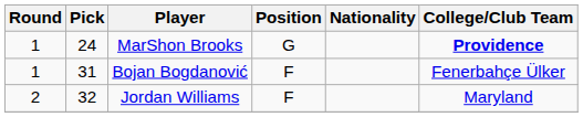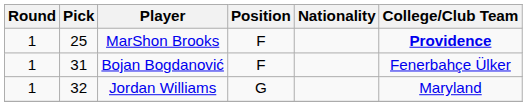 <table class="wikitable sortable sortable">
 <tr>
 <th>Round</th>
 <th>Pick</th>
 <th>Player</th>
 <th>Position</th>
 <th>Nationality</th>
 <th>College/Club Team</th>
 </tr>
 <tr style="text-align: center">
 <td>1</td>
-<td>24</td>
+<td>25</td>
 <td><a href='#'>MarShon Brooks</a></td>
-<td>G</td>
+<td>F</td>
 <td></td>
 <td><strong><a href='#'>Providence</a></strong></td>
 </tr>
 <tr style="text-align: center">
 <td>1</td>
 <td>31</td>
 <td><a href='#'>Bojan Bogdanović</a></td>
 <td>F</td>
 <td></td>
 <td><a href='#'>Fenerbahçe Ülker</a></td>
 </tr>
 <tr style="text-align: center">
-<td>2</td>
+<td>1</td>
 <td>32</td>
 <td><a href='#'>Jordan Williams</a></td>
-<td>F</td>
+<td>G</td>
 <td></td>
 <td><a href='#'>Maryland</a></td>
 </tr>
 <tr style="text-align: center">
 </tr>
 </table>
